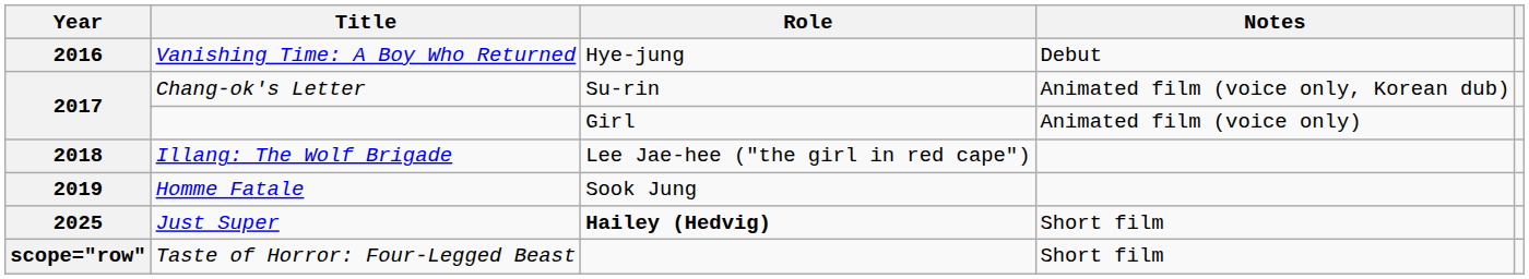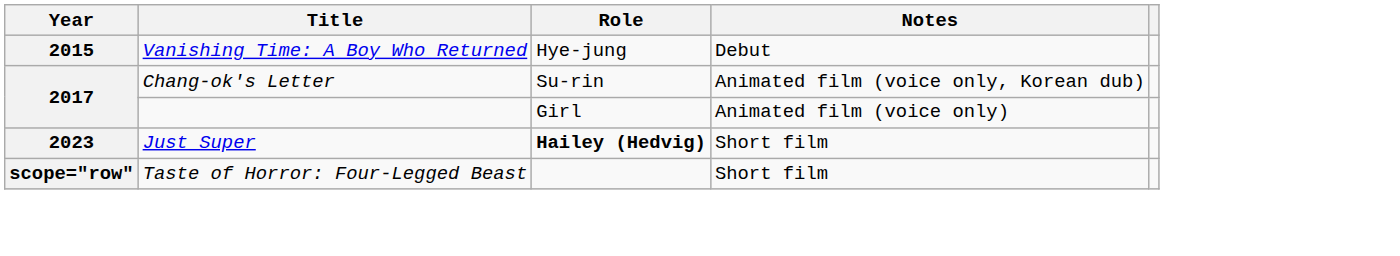 <table class="wikitable plainrowheaders sortable">
 <tr>
 <th scope="col">Year</th>
 <th scope="col">Title</th>
 <th scope="col">Role</th>
 <th scope="col">Notes</th>
 <th scope="col" class="unsortable"></th>
 </tr>
 <tr>
-<th scope="row">2016</th>
+<th scope="row">2015</th>
 <td><em><a href='#'>Vanishing Time: A Boy Who Returned</a></em></td>
 <td>Hye-jung</td>
 <td>Debut</td>
 <td style="text-align:center"></td>
 </tr>
 <tr>
 <th scope="row" rowspan="2">2017</th>
 <td><em>Chang-ok's Letter</em></td>
 <td>Su-rin</td>
 <td>Animated film (voice only, Korean dub)</td>
 <td style="text-align:center"></td>
 </tr>
 <tr>
 <td><em></em></td>
 <td>Girl</td>
 <td>Animated film (voice only)</td>
 <td style="text-align:center"></td>
 </tr>
 <tr>
-<th scope="row">2018</th>
-<td><em><a href='#'>Illang: The Wolf Brigade</a></em></td>
-<td>Lee Jae-hee ("the girl in red cape")</td>
-<td></td>
-<td style="text-align:center"></td>
-</tr>
-<tr>
-<th scope="row">2019</th>
-<td><em><a href='#'>Homme Fatale</a></em></td>
-<td>Sook Jung</td>
-<td></td>
-<td style="text-align:center"></td>
-</tr>
-<tr>
-<th scope="row">2025</th>
+<th scope="row">2023</th>
 <td><em><a href='#'>Just Super</a></em></td>
 <td><strong>Hailey (Hedvig)</strong></td>
 <td>Short film</td>
 <td style="text-align:center"></td>
 </tr>
 <tr>
 <th>scope="row" </th>
 <td><em>Taste of Horror: Four-Legged Beast </em></td>
 <td></td>
 <td>Short film</td>
 <td style="text-align:center"></td>
 </tr>
 </table>
